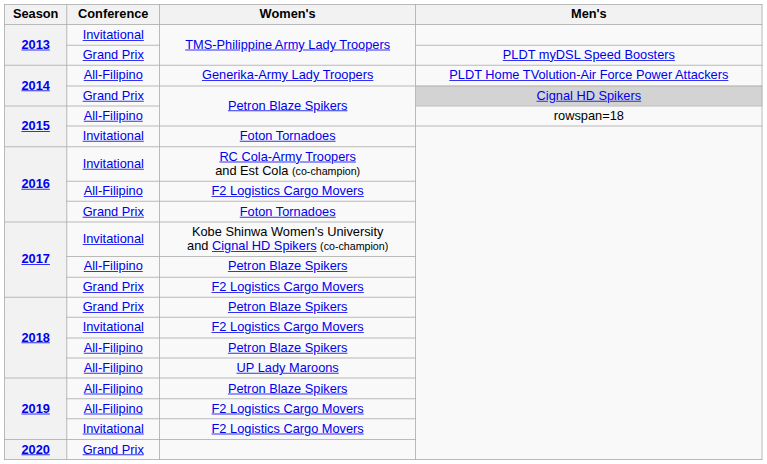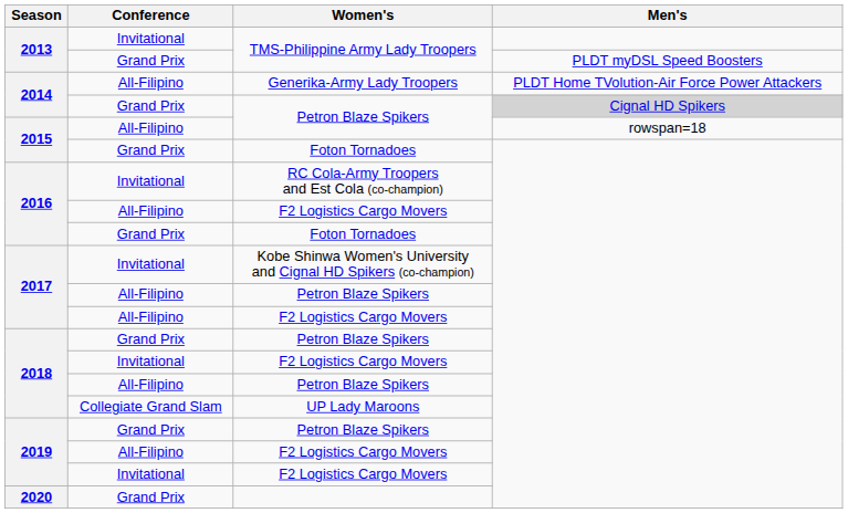 <table class="wikitable" style="width:75%; text-align:center;">
 <tr>
 <th scope="col">Season</th>
 <th scope="col">Conference</th>
 <th scope="col">Women's</th>
 <th scope="col">Men's</th>
 </tr>
 <tr>
 <th scope="row" rowspan="2"><a href='#'>2013</a></th>
 <td><a href='#'>Invitational</a></td>
 <td rowspan=2><a href='#'>TMS-Philippine Army Lady Troopers</a></td>
 <td></td>
 </tr>
 <tr>
 <td><a href='#'>Grand Prix</a></td>
 <td><a href='#'>PLDT myDSL Speed Boosters</a></td>
 </tr>
 <tr>
 <th scope="row" rowspan="2"><a href='#'>2014</a></th>
 <td><a href='#'>All-Filipino</a></td>
 <td><a href='#'>Generika-Army Lady Troopers</a></td>
 <td><a href='#'>PLDT Home TVolution-Air Force Power Attackers</a></td>
 </tr>
 <tr>
 <td><a href='#'>Grand Prix</a></td>
 <td rowspan=2><a href='#'>Petron Blaze Spikers</a></td>
 <td style="background: lightgrey;"><a href='#'>Cignal HD Spikers</a></td>
 </tr>
 <tr>
 <th scope="row" rowspan="2"><a href='#'>2015</a></th>
 <td><a href='#'>All-Filipino</a></td>
 <td>rowspan=18</td>
 </tr>
 <tr>
-<td><a href='#'>Invitational</a></td>
+<td><a href='#'>Grand Prix</a></td>
 <td><a href='#'>Foton Tornadoes</a></td>
 </tr>
 <tr>
 <th scope="row" rowspan="3"><a href='#'>2016</a></th>
 <td><a href='#'>Invitational</a></td>
 <td><a href='#'>RC Cola-Army Troopers</a><br>and Est Cola <small>(co-champion)</small></td>
 </tr>
 <tr>
 <td><a href='#'>All-Filipino</a></td>
 <td><a href='#'>F2 Logistics Cargo Movers</a></td>
 </tr>
 <tr>
 <td><a href='#'>Grand Prix</a></td>
 <td><a href='#'>Foton Tornadoes</a></td>
 </tr>
 <tr>
 <th scope="row" rowspan="3"><a href='#'>2017</a></th>
 <td><a href='#'>Invitational</a></td>
 <td>Kobe Shinwa Women's University<br>and <a href='#'>Cignal HD Spikers</a> <small>(co-champion)</small></td>
 </tr>
 <tr>
 <td><a href='#'>All-Filipino</a></td>
 <td><a href='#'>Petron Blaze Spikers</a></td>
 </tr>
 <tr>
-<td><a href='#'>Grand Prix</a></td>
+<td><a href='#'>All-Filipino</a></td>
 <td><a href='#'>F2 Logistics Cargo Movers</a></td>
 </tr>
 <tr>
 <th scope="row" rowspan="4"><a href='#'>2018</a></th>
 <td><a href='#'>Grand Prix</a></td>
 <td><a href='#'>Petron Blaze Spikers</a></td>
 </tr>
 <tr>
 <td><a href='#'>Invitational</a></td>
 <td><a href='#'>F2 Logistics Cargo Movers</a></td>
 </tr>
 <tr>
 <td><a href='#'>All-Filipino</a></td>
 <td><a href='#'>Petron Blaze Spikers</a></td>
 </tr>
 <tr>
-<td><a href='#'>All-Filipino</a></td>
+<td><a href='#'>Collegiate Grand Slam</a></td>
 <td><a href='#'>UP Lady Maroons</a></td>
 </tr>
 <tr>
 <th scope="row" rowspan="3"><a href='#'>2019</a></th>
-<td><a href='#'>All-Filipino</a></td>
+<td><a href='#'>Grand Prix</a></td>
 <td><a href='#'>Petron Blaze Spikers</a></td>
 </tr>
 <tr>
 <td><a href='#'>All-Filipino</a></td>
 <td><a href='#'>F2 Logistics Cargo Movers</a></td>
 </tr>
 <tr>
 <td><a href='#'>Invitational</a></td>
 <td><a href='#'>F2 Logistics Cargo Movers</a></td>
 </tr>
 <tr>
 <th><a href='#'>2020</a></th>
 <td><a href='#'>Grand Prix</a></td>
 <td></td>
 </tr>
 </table>
